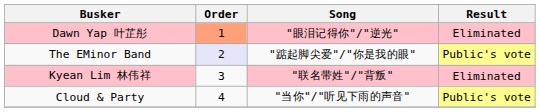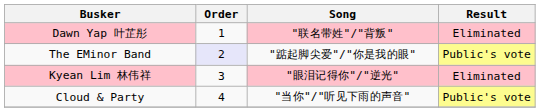 <table class="wikitable" style="text-align:center; ">
 <tr>
 <th style="width:25%;">Busker</th>
 <th style="width:05%;">Order</th>
 <th style="width:25%;">Song</th>
 <th style="width:10%;">Result</th>
 </tr>
 <tr>
 <td style="background:pink">Dawn Yap 叶芷彤</td>
-<td style="background: lightsalmon;">1</td>
-<td style="background:pink">"眼泪记得你"/"逆光"</td>
+<td>1</td>
+<td style="background:pink">"联名带姓"/"背叛"</td>
 <td style="background:pink">Eliminated</td>
 </tr>
 <tr>
 <td>The EMinor Band</td>
 <td style="background: lavender;">2</td>
 <td>"踮起脚尖爱"/"你是我的眼"</td>
 <td style="background:#fdfc8f">Public's vote</td>
 </tr>
 <tr>
 <td style="background:pink">Kyean Lim 林伟祥</td>
 <td>3</td>
-<td style="background:pink">"联名带姓"/"背叛"</td>
+<td style="background:pink">"眼泪记得你"/"逆光"</td>
 <td style="background:pink">Eliminated</td>
 </tr>
 <tr>
 <td>Cloud & Party</td>
 <td>4</td>
 <td>"当你"/"听见下雨的声音"</td>
 <td style="background:#fdfc8f">Public's vote</td>
 </tr>
 <tr>
 </tr>
 </table>
